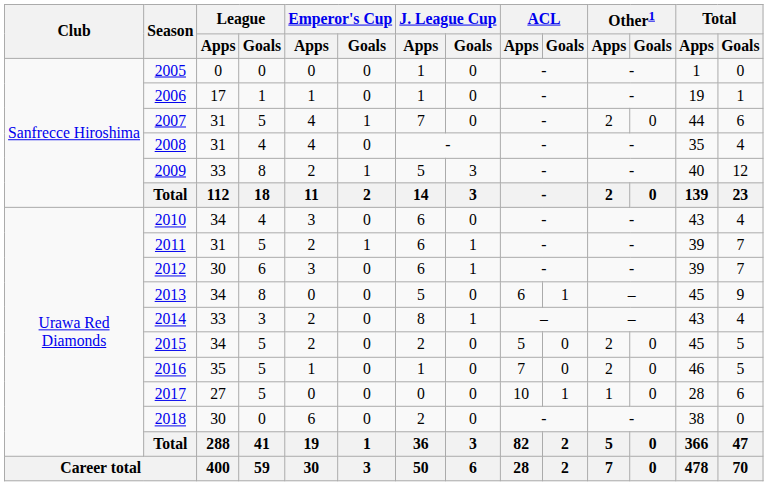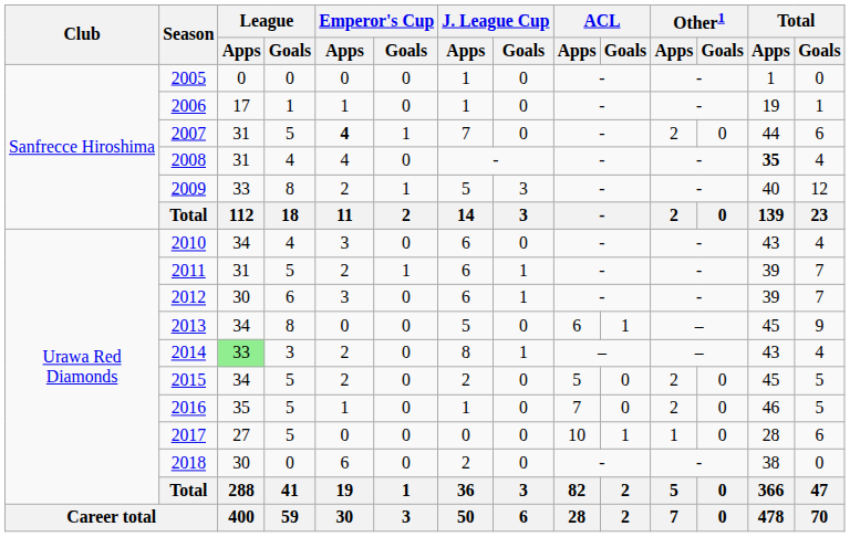 <table class="wikitable" style="text-align:center;">
 <tr>
 <th rowspan="2">Club</th>
 <th rowspan="2">Season</th>
 <th colspan="2">League</th>
 <th colspan="2"><a href='#'>Emperor's Cup</a></th>
 <th colspan="2"><a href='#'>J. League Cup</a></th>
 <th colspan="2"><a href='#'>ACL</a></th>
 <th colspan="2">Other<sup><a href='#'>1</a></sup></th>
 <th colspan="2">Total</th>
 </tr>
 <tr>
 <th>Apps</th>
 <th>Goals</th>
 <th>Apps</th>
 <th>Goals</th>
 <th>Apps</th>
 <th>Goals</th>
 <th>Apps</th>
 <th>Goals</th>
 <th>Apps</th>
 <th>Goals</th>
 <th>Apps</th>
 <th>Goals</th>
 </tr>
 <tr>
 <td rowspan="6"><a href='#'>Sanfrecce Hiroshima</a></td>
 <td><a href='#'>2005</a></td>
 <td>0</td>
 <td>0</td>
 <td>0</td>
 <td>0</td>
 <td>1</td>
 <td>0</td>
 <td colspan="2">-</td>
 <td colspan="2">-</td>
 <td>1</td>
 <td>0</td>
 </tr>
 <tr>
 <td><a href='#'>2006</a></td>
 <td>17</td>
 <td>1</td>
 <td>1</td>
 <td>0</td>
 <td>1</td>
 <td>0</td>
 <td colspan="2">-</td>
 <td colspan="2">-</td>
 <td>19</td>
 <td>1</td>
 </tr>
 <tr>
 <td><a href='#'>2007</a></td>
 <td>31</td>
 <td>5</td>
-<td>4</td>
+<td><strong>4</strong></td>
 <td>1</td>
 <td>7</td>
 <td>0</td>
 <td colspan="2">-</td>
 <td>2</td>
 <td>0</td>
 <td>44</td>
 <td>6</td>
 </tr>
 <tr>
 <td><a href='#'>2008</a></td>
 <td>31</td>
 <td>4</td>
 <td>4</td>
 <td>0</td>
 <td colspan="2">-</td>
 <td colspan="2">-</td>
 <td colspan="2">-</td>
-<td>35</td>
+<td><strong>35</strong></td>
 <td>4</td>
 </tr>
 <tr>
 <td><a href='#'>2009</a></td>
 <td>33</td>
 <td>8</td>
 <td>2</td>
 <td>1</td>
 <td>5</td>
 <td>3</td>
 <td colspan="2">-</td>
 <td colspan="2">-</td>
 <td>40</td>
 <td>12</td>
 </tr>
 <tr>
 <th colspan="1">Total</th>
 <th>112</th>
 <th>18</th>
 <th>11</th>
 <th>2</th>
 <th>14</th>
 <th>3</th>
 <th colspan="2">-</th>
 <th>2</th>
 <th>0</th>
 <th>139</th>
 <th>23</th>
 </tr>
 <tr>
 <td rowspan="10"><a href='#'>Urawa Red<br>Diamonds</a></td>
 <td><a href='#'>2010</a></td>
 <td>34</td>
 <td>4</td>
 <td>3</td>
 <td>0</td>
 <td>6</td>
 <td>0</td>
 <td colspan="2">-</td>
 <td colspan="2">-</td>
 <td>43</td>
 <td>4</td>
 </tr>
 <tr>
 <td><a href='#'>2011</a></td>
 <td>31</td>
 <td>5</td>
 <td>2</td>
 <td>1</td>
 <td>6</td>
 <td>1</td>
 <td colspan="2">-</td>
 <td colspan="2">-</td>
 <td>39</td>
 <td>7</td>
 </tr>
 <tr>
 <td><a href='#'>2012</a></td>
 <td>30</td>
 <td>6</td>
 <td>3</td>
 <td>0</td>
 <td>6</td>
 <td>1</td>
 <td colspan="2">-</td>
 <td colspan="2">-</td>
 <td>39</td>
 <td>7</td>
 </tr>
 <tr>
 <td><a href='#'>2013</a></td>
 <td>34</td>
 <td>8</td>
 <td>0</td>
 <td>0</td>
 <td>5</td>
 <td>0</td>
 <td>6</td>
 <td>1</td>
 <td colspan="2">–</td>
 <td>45</td>
 <td>9</td>
 </tr>
 <tr>
 <td><a href='#'>2014</a></td>
-<td>33</td>
+<td style="background: lightgreen;">33</td>
 <td>3</td>
 <td>2</td>
 <td>0</td>
 <td>8</td>
 <td>1</td>
 <td colspan="2">–</td>
 <td colspan="2">–</td>
 <td>43</td>
 <td>4</td>
 </tr>
 <tr>
 <td><a href='#'>2015</a></td>
 <td>34</td>
 <td>5</td>
 <td>2</td>
 <td>0</td>
 <td>2</td>
 <td>0</td>
 <td>5</td>
 <td>0</td>
 <td>2</td>
 <td>0</td>
 <td>45</td>
 <td>5</td>
 </tr>
 <tr>
 <td><a href='#'>2016</a></td>
 <td>35</td>
 <td>5</td>
 <td>1</td>
 <td>0</td>
 <td>1</td>
 <td>0</td>
 <td>7</td>
 <td>0</td>
 <td>2</td>
 <td>0</td>
 <td>46</td>
 <td>5</td>
 </tr>
 <tr>
 <td><a href='#'>2017</a></td>
 <td>27</td>
 <td>5</td>
 <td>0</td>
 <td>0</td>
 <td>0</td>
 <td>0</td>
 <td>10</td>
 <td>1</td>
 <td>1</td>
 <td>0</td>
 <td>28</td>
 <td>6</td>
 </tr>
 <tr>
 <td><a href='#'>2018</a></td>
 <td>30</td>
 <td>0</td>
 <td>6</td>
 <td>0</td>
 <td>2</td>
 <td>0</td>
 <td colspan="2">-</td>
 <td colspan="2">-</td>
 <td>38</td>
 <td>0</td>
 </tr>
 <tr>
 <th colspan="1">Total</th>
 <th>288</th>
 <th>41</th>
 <th>19</th>
 <th>1</th>
 <th>36</th>
 <th>3</th>
 <th>82</th>
 <th>2</th>
 <th>5</th>
 <th>0</th>
 <th>366</th>
 <th>47</th>
 </tr>
 <tr>
 <th colspan="2">Career total</th>
 <th>400</th>
 <th>59</th>
 <th>30</th>
 <th>3</th>
 <th>50</th>
 <th>6</th>
 <th>28</th>
 <th>2</th>
 <th>7</th>
 <th>0</th>
 <th>478</th>
 <th>70</th>
 </tr>
 </table>
